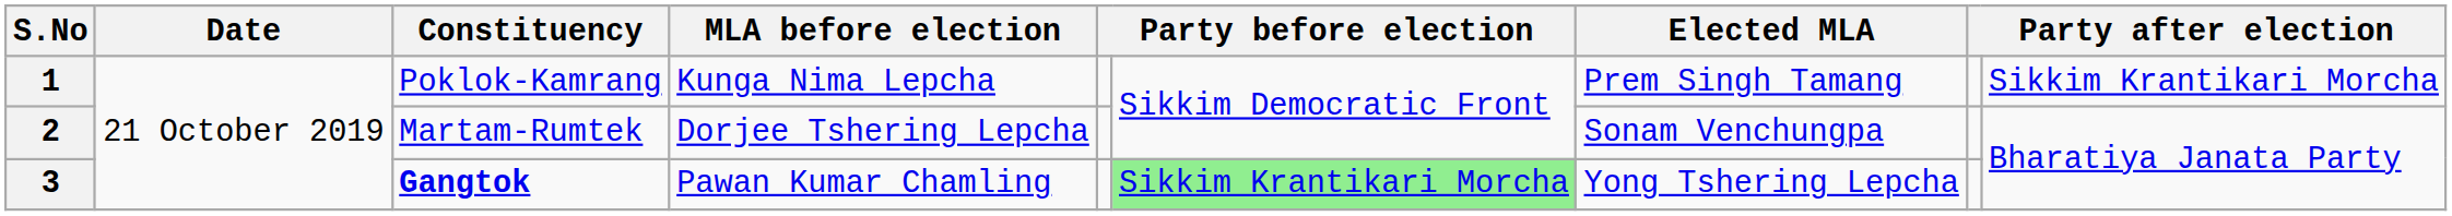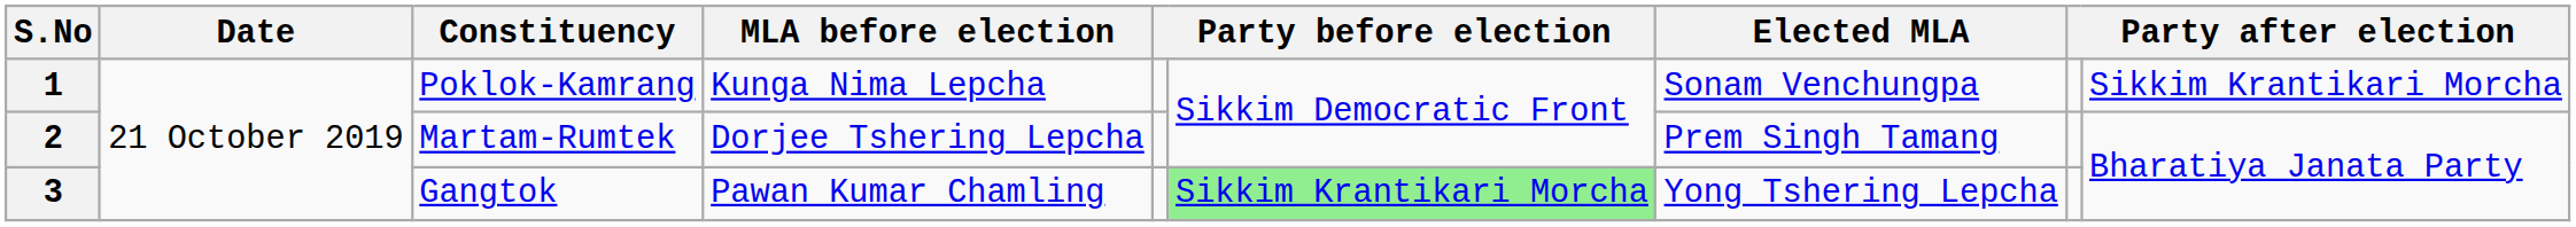 <table class="wikitable sortable">
 <tr>
 <th>S.No</th>
 <th>Date</th>
 <th>Constituency</th>
 <th>MLA before election</th>
 <th colspan="2">Party before election</th>
 <th>Elected MLA</th>
 <th colspan="2">Party after election</th>
 </tr>
 <tr>
 <th>1</th>
 <td rowspan="3">21 October 2019</td>
 <td><a href='#'>Poklok-Kamrang</a></td>
 <td><a href='#'>Kunga Nima Lepcha</a></td>
 <td></td>
 <td rowspan="2"><a href='#'>Sikkim Democratic Front</a></td>
-<td><a href='#'>Prem Singh Tamang</a></td>
+<td><a href='#'>Sonam Venchungpa</a></td>
 <td></td>
 <td><a href='#'>Sikkim Krantikari Morcha</a></td>
 </tr>
 <tr>
 <th>2</th>
 <td><a href='#'>Martam-Rumtek</a></td>
 <td><a href='#'>Dorjee Tshering Lepcha</a></td>
 <td></td>
-<td><a href='#'>Sonam Venchungpa</a></td>
+<td><a href='#'>Prem Singh Tamang</a></td>
 <td></td>
 <td rowspan="2"><a href='#'>Bharatiya Janata Party</a></td>
 </tr>
 <tr>
 <th>3</th>
-<td><strong><a href='#'>Gangtok</a></strong></td>
+<td><a href='#'>Gangtok</a></td>
 <td><a href='#'>Pawan Kumar Chamling</a></td>
 <td></td>
 <td style="background: lightgreen;"><a href='#'>Sikkim Krantikari Morcha</a></td>
 <td><a href='#'>Yong Tshering Lepcha</a></td>
 <td></td>
 </tr>
 </table>
